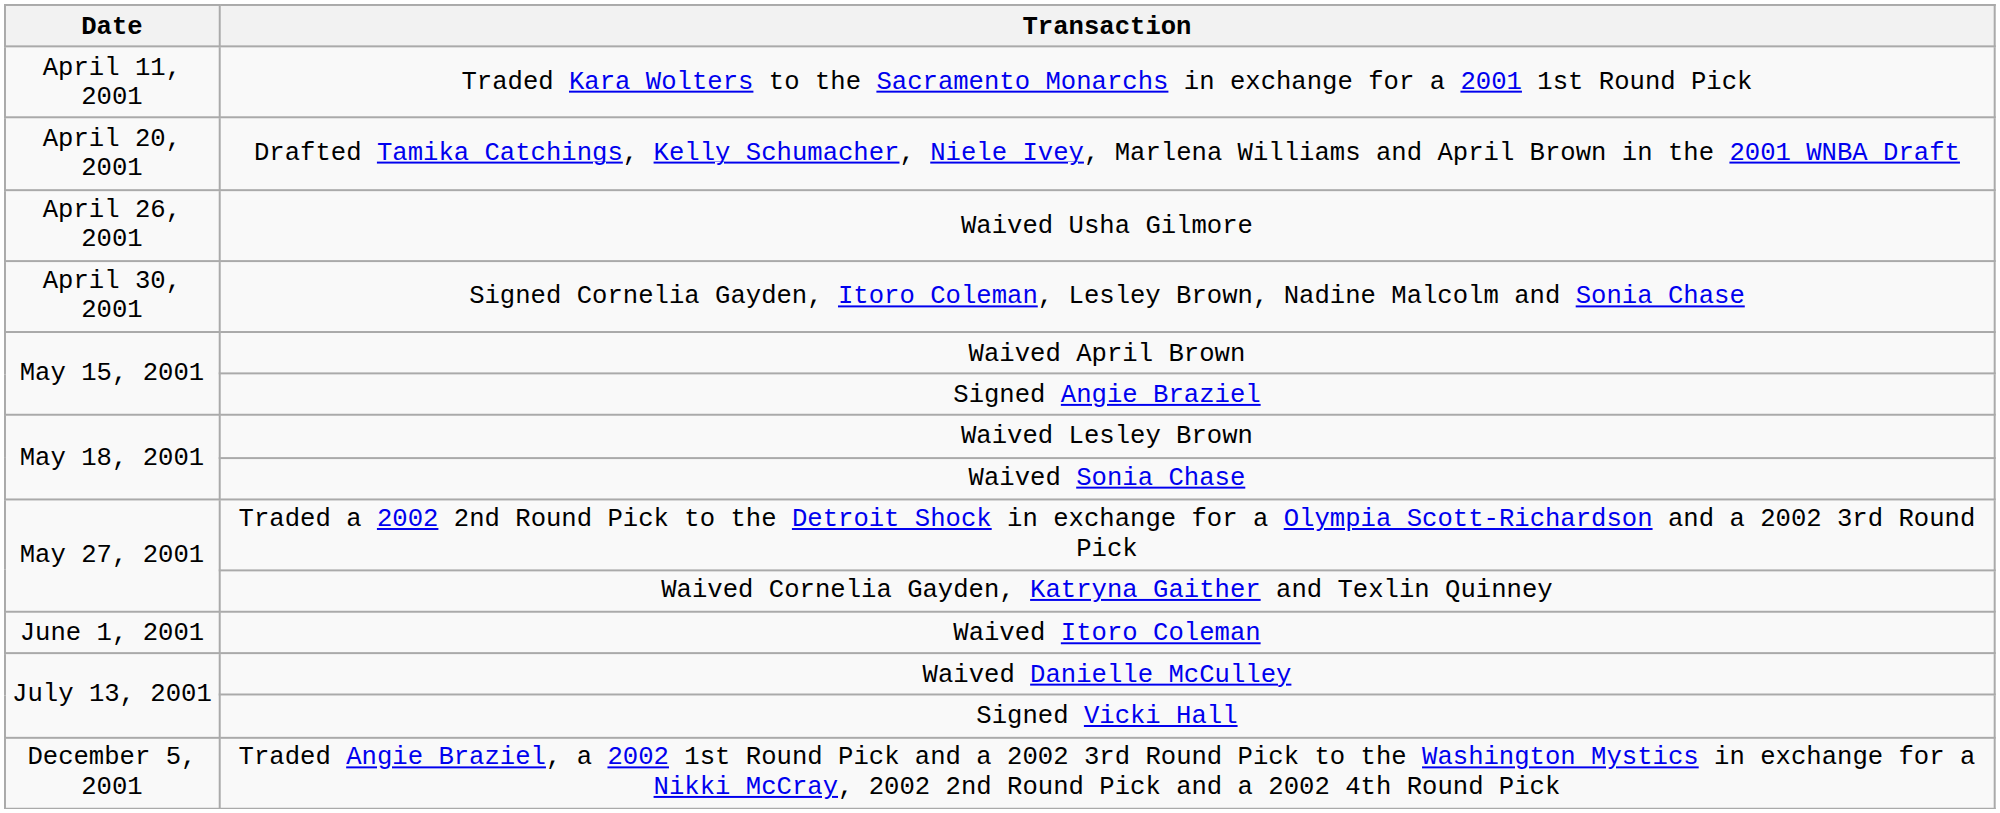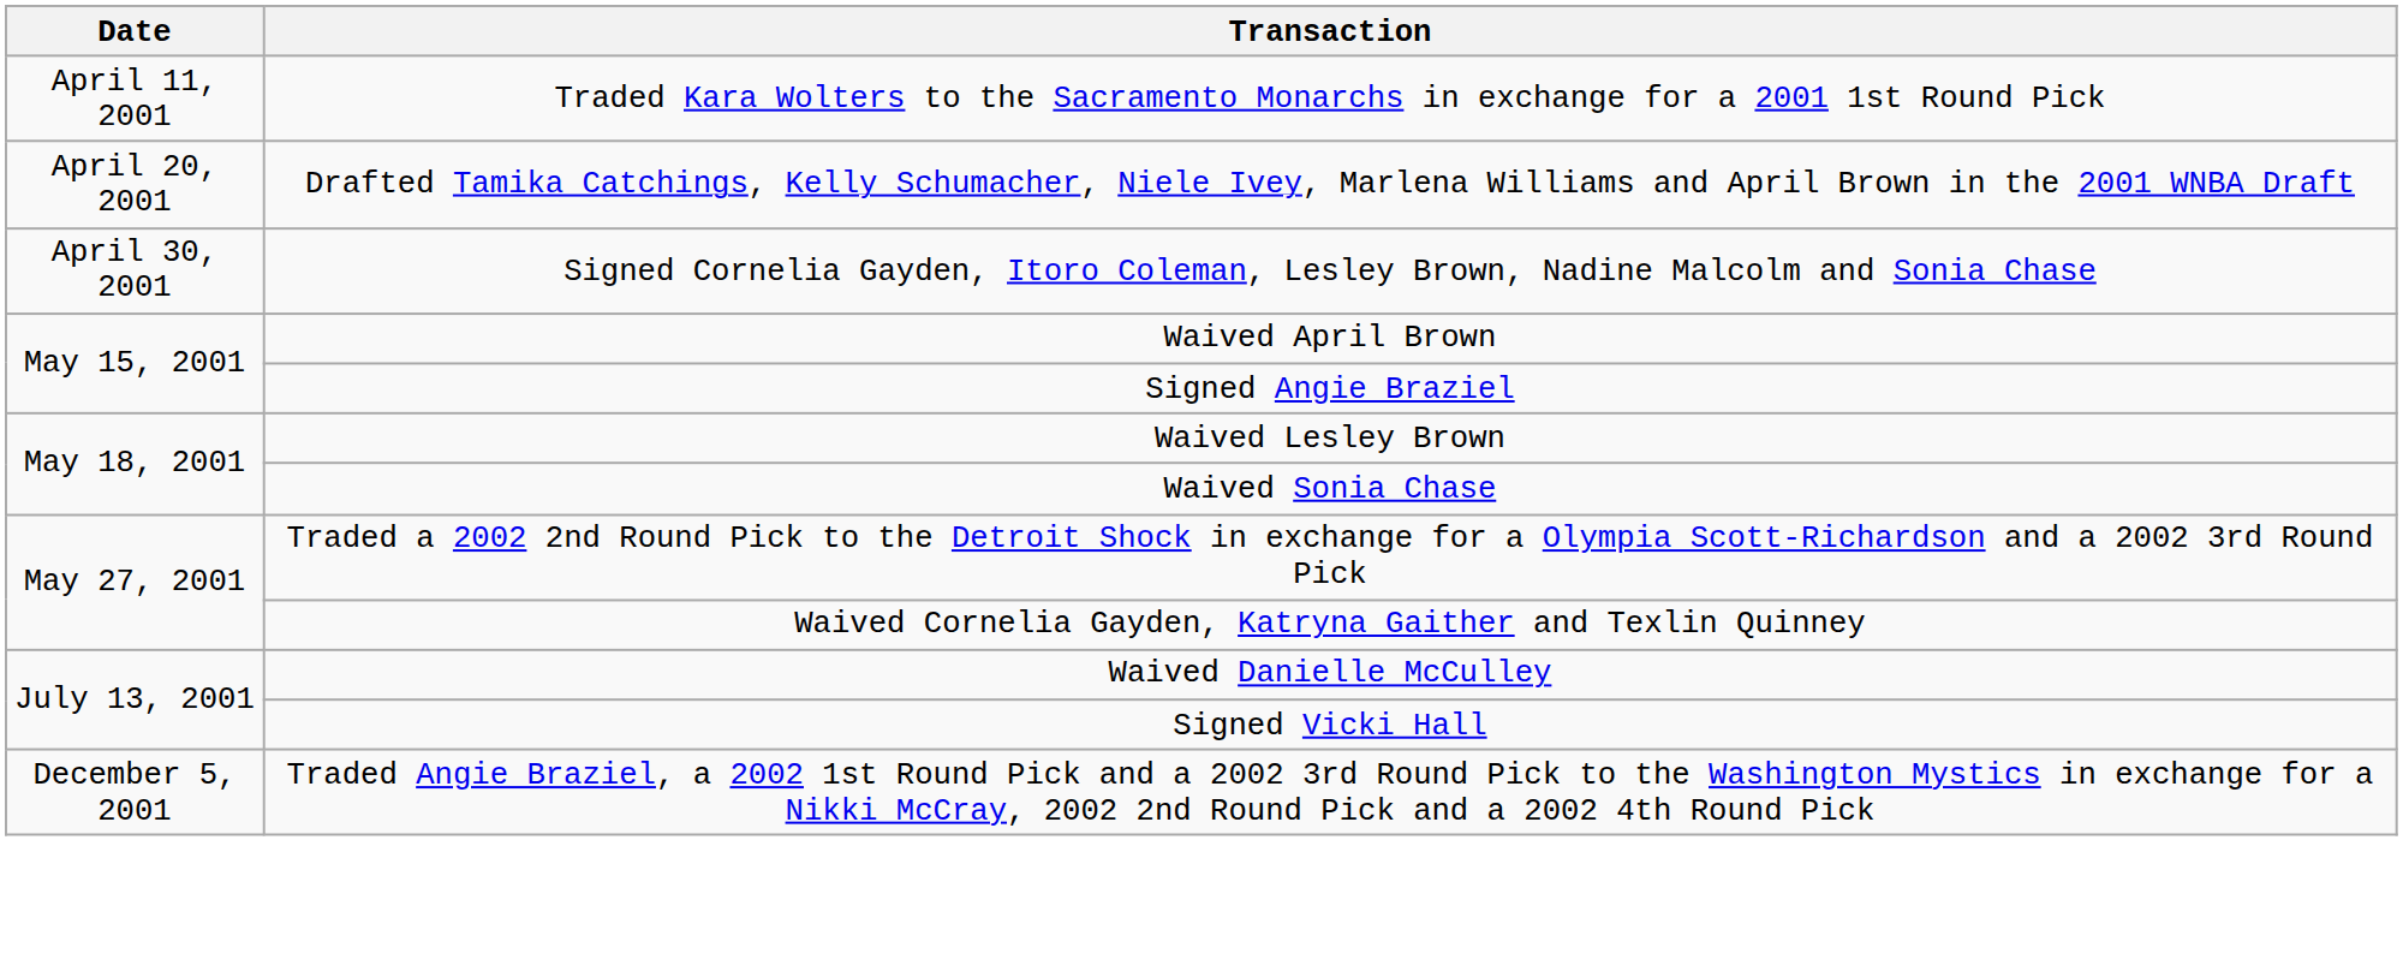 <table class="wikitable" style="width:80%; text-align: center;">
 <tr>
 <th>Date</th>
 <th>Transaction</th>
 </tr>
 <tr>
 <td>April 11, 2001</td>
 <td>Traded <a href='#'>Kara Wolters</a> to the <a href='#'>Sacramento Monarchs</a> in exchange for a <a href='#'>2001</a> 1st Round Pick</td>
 </tr>
 <tr>
 <td>April 20, 2001</td>
 <td>Drafted <a href='#'>Tamika Catchings</a>, <a href='#'>Kelly Schumacher</a>, <a href='#'>Niele Ivey</a>, Marlena Williams and April Brown in the <a href='#'>2001 WNBA Draft</a></td>
-</tr>
-<tr>
-<td>April 26, 2001</td>
-<td>Waived Usha Gilmore</td>
 </tr>
 <tr>
 <td>April 30, 2001</td>
 <td>Signed Cornelia Gayden, <a href='#'>Itoro Coleman</a>, Lesley Brown, Nadine Malcolm and <a href='#'>Sonia Chase</a></td>
 </tr>
 <tr>
 <td rowspan="2">May 15, 2001</td>
 <td>Waived April Brown</td>
 </tr>
 <tr>
 <td>Signed <a href='#'>Angie Braziel</a></td>
 </tr>
 <tr>
 <td rowspan="2">May 18, 2001</td>
 <td>Waived Lesley Brown</td>
 </tr>
 <tr>
 <td>Waived <a href='#'>Sonia Chase</a></td>
 </tr>
 <tr>
 <td rowspan="2">May 27, 2001</td>
 <td>Traded a <a href='#'>2002</a> 2nd Round Pick to the <a href='#'>Detroit Shock</a> in exchange for a <a href='#'>Olympia Scott-Richardson</a> and a 2002 3rd Round Pick</td>
 </tr>
 <tr>
 <td>Waived Cornelia Gayden, <a href='#'>Katryna Gaither</a> and Texlin Quinney</td>
 </tr>
 <tr>
-<td>June 1, 2001</td>
-<td>Waived <a href='#'>Itoro Coleman</a></td>
-</tr>
-<tr>
 <td rowspan="2">July 13, 2001</td>
 <td>Waived <a href='#'>Danielle McCulley</a></td>
 </tr>
 <tr>
 <td>Signed <a href='#'>Vicki Hall</a></td>
 </tr>
 <tr>
 <td>December 5, 2001</td>
 <td>Traded <a href='#'>Angie Braziel</a>, a <a href='#'>2002</a> 1st Round Pick and a 2002 3rd Round Pick to the <a href='#'>Washington Mystics</a> in exchange for a <a href='#'>Nikki McCray</a>, 2002 2nd Round Pick and a 2002 4th Round Pick</td>
 </tr>
 </table>
